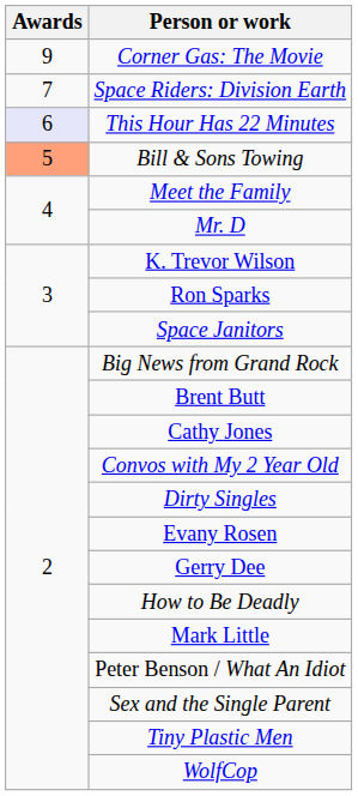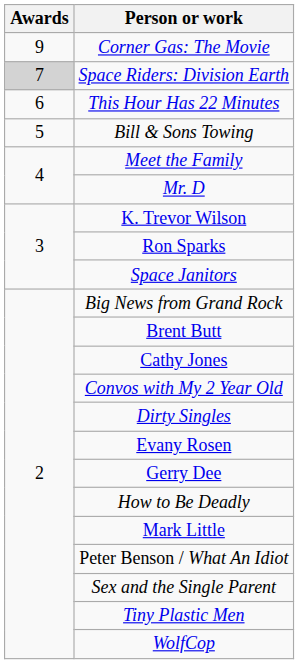 <table class="wikitable sortable" style="text-align:center">
 <tr>
 <th scope="col" style="width:55px;">Awards</th>
 <th scope="col" style="text-align:center;">Person or work</th>
 </tr>
 <tr>
 <td style="text-align:center">9</td>
 <td><em><a href='#'>Corner Gas: The Movie</a></em></td>
 </tr>
 <tr>
-<td style="text-align:center">7</td>
+<td style="background: lightgrey; text-align:center">7</td>
 <td><em><a href='#'>Space Riders: Division Earth</a></em></td>
 </tr>
 <tr>
-<td style="background: lavender; text-align:center">6</td>
+<td style="text-align:center">6</td>
 <td><em><a href='#'>This Hour Has 22 Minutes</a></em></td>
 </tr>
 <tr>
-<td style="background: lightsalmon; text-align:center">5</td>
+<td style="text-align:center">5</td>
 <td><em>Bill & Sons Towing</em></td>
 </tr>
 <tr>
 <td rowspan=2 style="text-align:center">4</td>
 <td><em><a href='#'>Meet the Family</a></em></td>
 </tr>
 <tr>
 <td><em><a href='#'>Mr. D</a></em></td>
 </tr>
 <tr>
 <td rowspan=3 style="text-align:center">3</td>
 <td><a href='#'>K. Trevor Wilson</a></td>
 </tr>
 <tr>
 <td><a href='#'>Ron Sparks</a></td>
 </tr>
 <tr>
 <td><em><a href='#'>Space Janitors</a></em></td>
 </tr>
 <tr>
 <td rowspan=13 style="text-align:center">2</td>
 <td><em>Big News from Grand Rock</em></td>
 </tr>
 <tr>
 <td><a href='#'>Brent Butt</a></td>
 </tr>
 <tr>
 <td><a href='#'>Cathy Jones</a></td>
 </tr>
 <tr>
 <td><em><a href='#'>Convos with My 2 Year Old</a></em></td>
 </tr>
 <tr>
 <td><em><a href='#'>Dirty Singles</a></em></td>
 </tr>
 <tr>
 <td><a href='#'>Evany Rosen</a></td>
 </tr>
 <tr>
 <td><a href='#'>Gerry Dee</a></td>
 </tr>
 <tr>
 <td><em>How to Be Deadly</em></td>
 </tr>
 <tr>
 <td><a href='#'>Mark Little</a></td>
 </tr>
 <tr>
 <td>Peter Benson / <em>What An Idiot</em></td>
 </tr>
 <tr>
 <td><em>Sex and the Single Parent</em></td>
 </tr>
 <tr>
 <td><em><a href='#'>Tiny Plastic Men</a></em></td>
 </tr>
 <tr>
 <td><em><a href='#'>WolfCop</a></em></td>
 </tr>
 </table>
